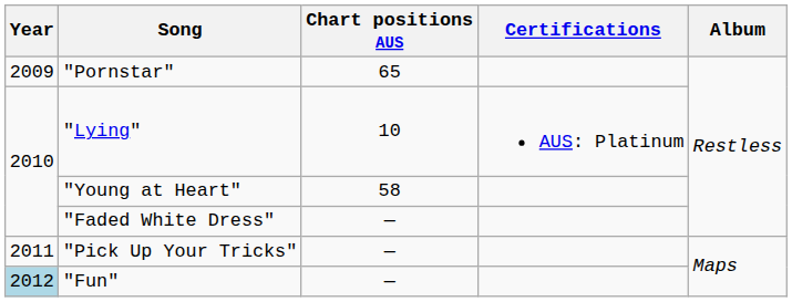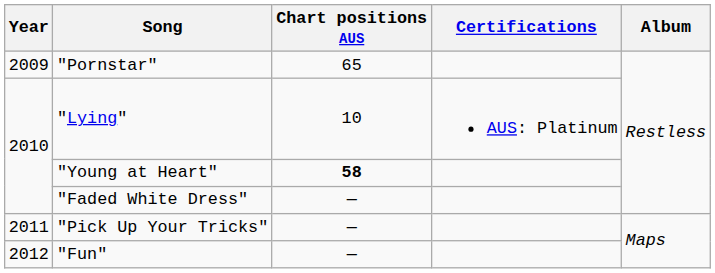 <table class="wikitable">
 <tr>
 <th>Year</th>
 <th>Song</th>
 <th>Chart positions<br><small><a href='#'>AUS</a></small></th>
 <th><a href='#'>Certifications</a></th>
 <th>Album</th>
 </tr>
 <tr>
 <td>2009</td>
 <td>"Pornstar"</td>
 <td style="text-align:center;">65</td>
 <td style="text-align:center;"></td>
 <td rowspan="4"><em>Restless</em></td>
 </tr>
 <tr>
 <td rowspan="3">2010</td>
 <td>"<a href='#'>Lying</a>"</td>
 <td style="text-align:center;">10</td>
 <td style="text-align:center;"><br><ul><li><a href='#'>AUS</a>: Platinum</li></ul></td>
 </tr>
 <tr>
 <td>"Young at Heart"</td>
-<td style="text-align:center;">58</td>
+<td style="text-align:center;"><strong>58</strong></td>
 <td style="text-align:center;"></td>
 </tr>
 <tr>
 <td>"Faded White Dress"</td>
 <td style="text-align:center;">—</td>
 <td style="text-align:center;"></td>
 </tr>
 <tr>
 <td>2011</td>
 <td>"Pick Up Your Tricks"</td>
 <td style="text-align:center;">—</td>
 <td style="text-align:center;"></td>
 <td rowspan="4"><em>Maps</em></td>
 </tr>
 <tr>
-<td style="background: lightblue;">2012</td>
+<td>2012</td>
 <td>"Fun"</td>
 <td style="text-align:center;">—</td>
 <td style="text-align:center;"></td>
 </tr>
 </table>
